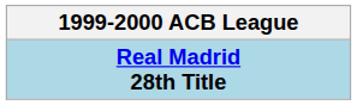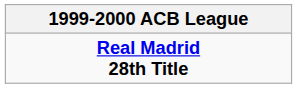 <table class="wikitable" style="margin: 0 auto; width: 20%;">
 <tr>
 <th>1999-2000 ACB League</th>
 </tr>
 <tr>
-<td align=center style="background: lightblue;"><strong><a href='#'>Real Madrid</a></strong><br><strong>28th Title</strong></td>
+<td align=center><strong><a href='#'>Real Madrid</a></strong><br><strong>28th Title</strong></td>
 </tr>
 </table>
